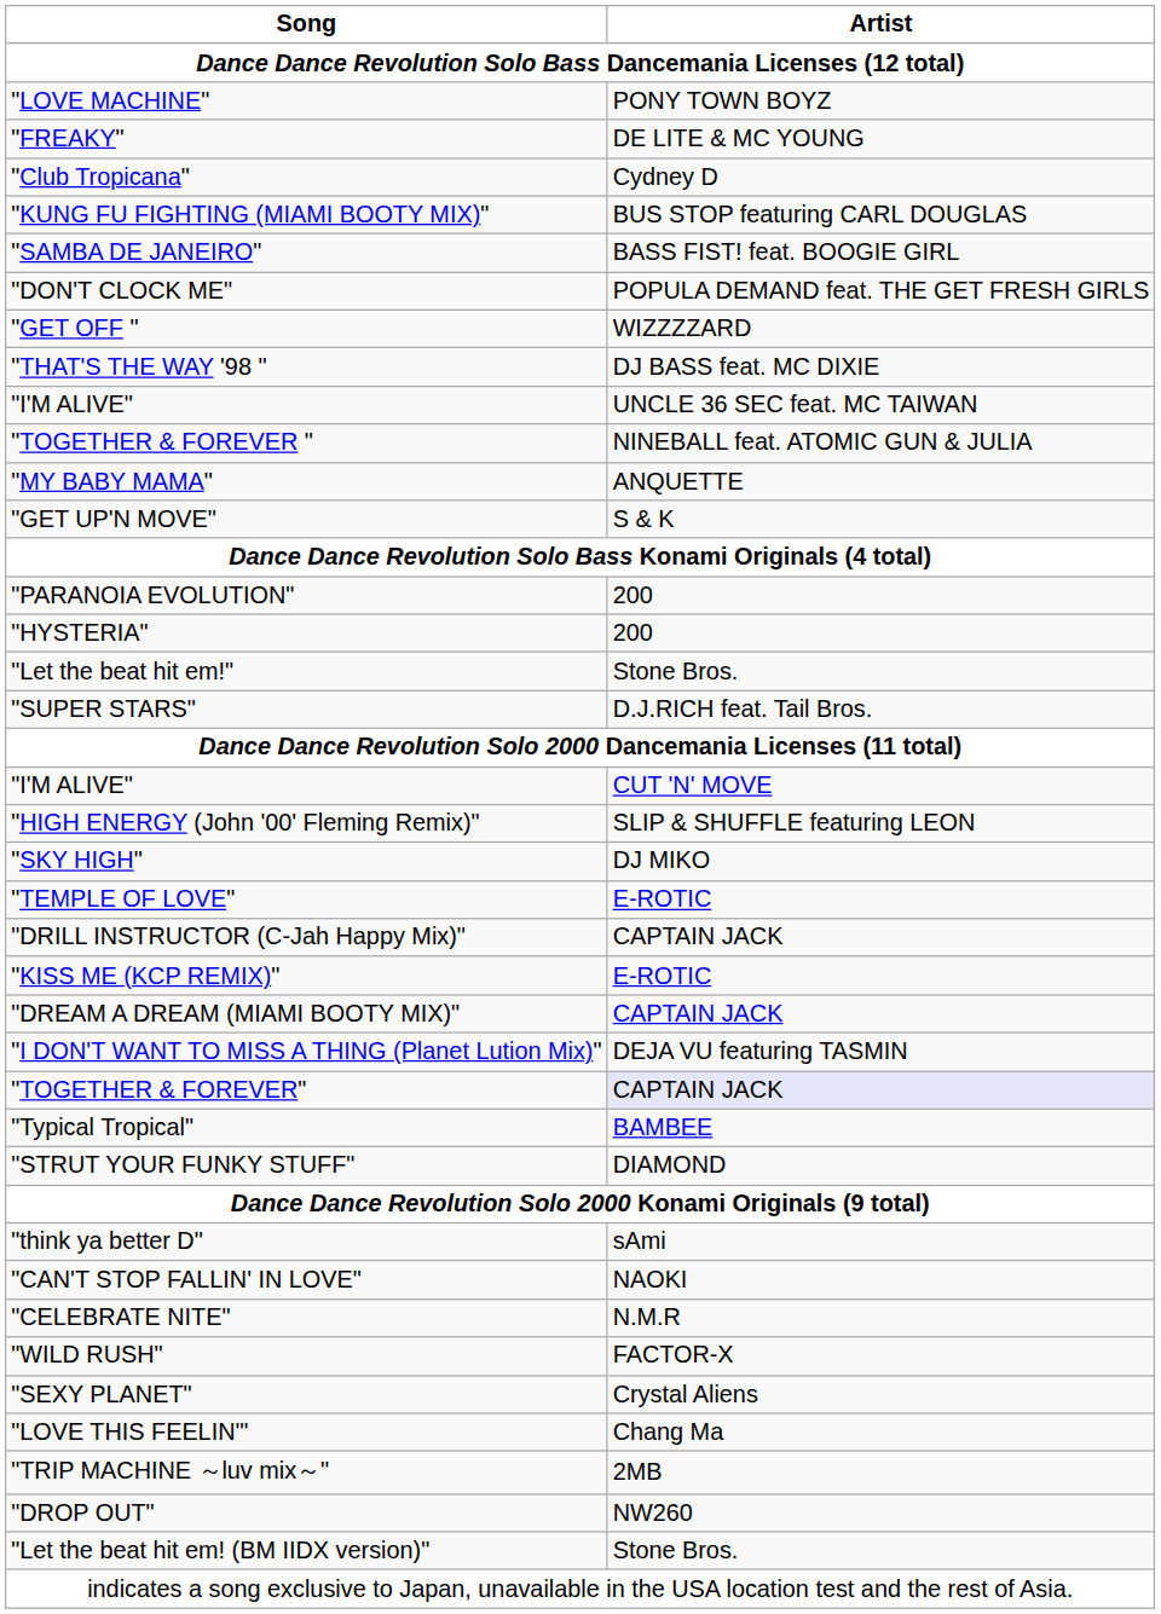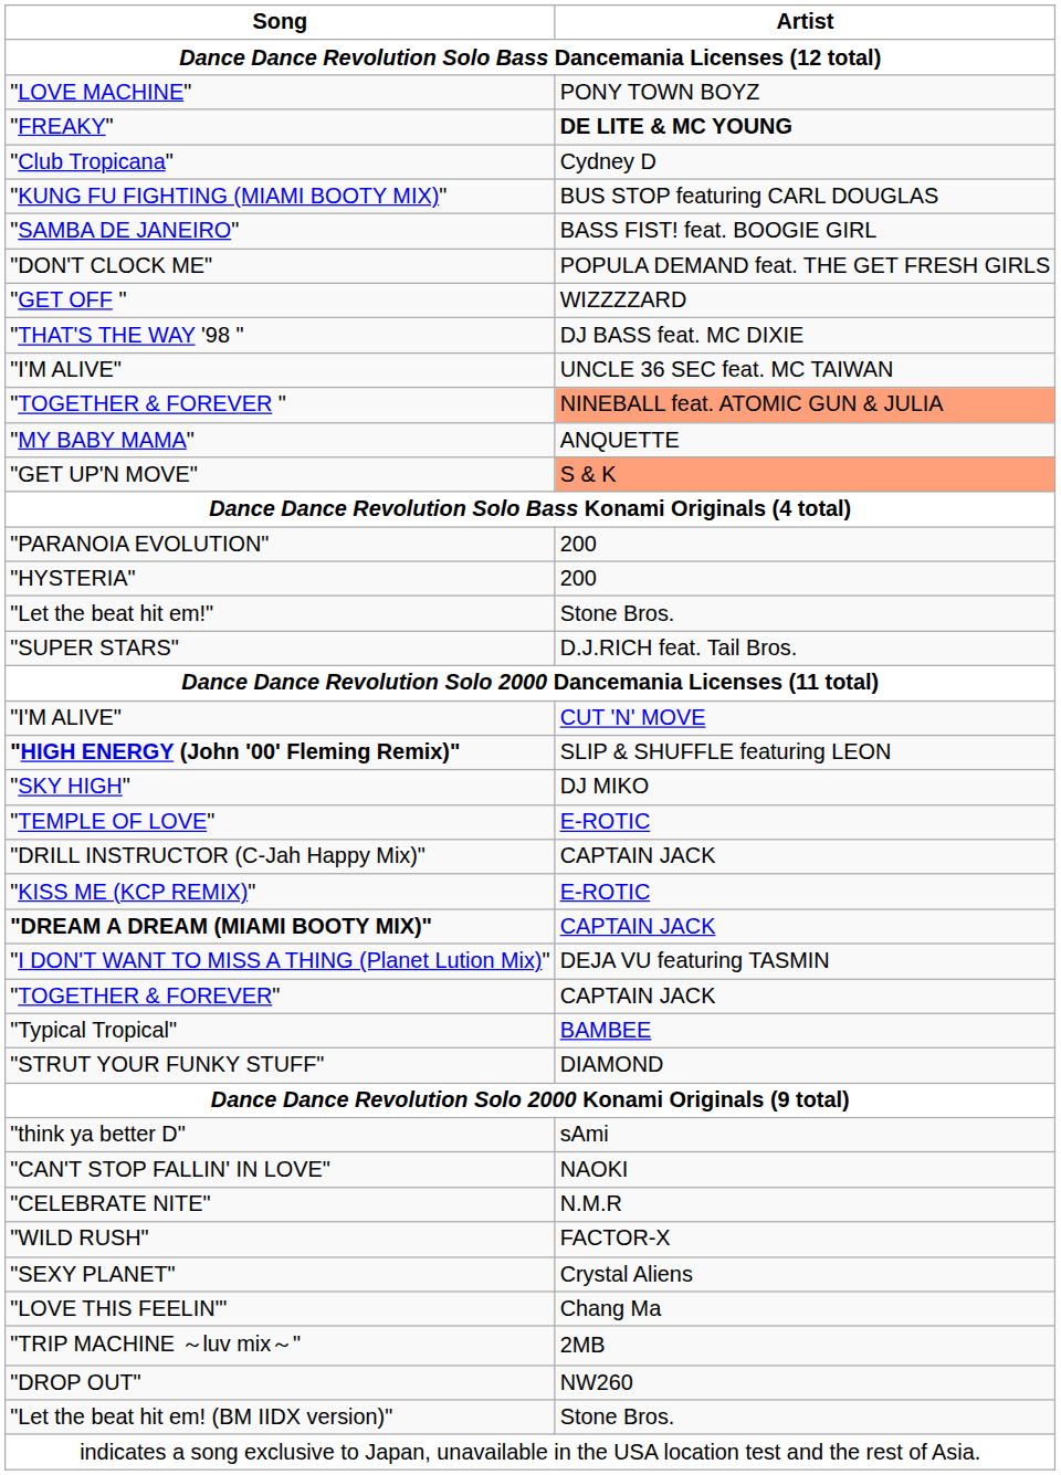 <table class="wikitable">
 <tr>
 <th style="background:#fff;">Song</th>
 <th style="background:#fff;">Artist</th>
 </tr>
 <tr>
 <th colspan="3" style="background:#ffffff;"><em>Dance Dance Revolution Solo Bass</em> Dancemania Licenses (12 total)</th>
 </tr>
 <tr>
 <td>"<a href='#'>LOVE MACHINE</a>"</td>
 <td>PONY TOWN BOYZ</td>
 </tr>
 <tr>
 <td>"<a href='#'>FREAKY</a>"</td>
-<td>DE LITE & MC YOUNG</td>
+<td><strong>DE LITE & MC YOUNG</strong></td>
 </tr>
 <tr>
 <td>"<a href='#'>Club Tropicana</a>"</td>
 <td>Cydney D</td>
 </tr>
 <tr>
 <td>"<a href='#'>KUNG FU FIGHTING (MIAMI BOOTY MIX)</a>"</td>
 <td>BUS STOP featuring CARL DOUGLAS</td>
 </tr>
 <tr>
 <td>"<a href='#'>SAMBA DE JANEIRO</a>"</td>
 <td>BASS FIST! feat. BOOGIE GIRL</td>
 </tr>
 <tr>
 <td>"DON'T CLOCK ME"</td>
 <td>POPULA DEMAND feat. THE GET FRESH GIRLS</td>
 </tr>
 <tr>
 <td>"<a href='#'>GET OFF</a> "</td>
 <td>WIZZZZARD</td>
 </tr>
 <tr>
 <td>"<a href='#'>THAT'S THE WAY</a> '98 "</td>
 <td>DJ BASS feat. MC DIXIE</td>
 </tr>
 <tr>
 <td>"I'M ALIVE"</td>
 <td>UNCLE 36 SEC feat. MC TAIWAN</td>
 </tr>
 <tr>
 <td>"<a href='#'>TOGETHER & FOREVER</a> "</td>
-<td>NINEBALL feat. ATOMIC GUN & JULIA</td>
+<td style="background: lightsalmon;">NINEBALL feat. ATOMIC GUN & JULIA</td>
 </tr>
 <tr>
 <td>"<a href='#'>MY BABY MAMA</a>"</td>
 <td>ANQUETTE</td>
 </tr>
 <tr>
 <td>"GET UP'N MOVE"</td>
-<td>S & K</td>
+<td style="background: lightsalmon;">S & K</td>
 </tr>
 <tr>
 <th colspan="3" style="background:#ffffff;"><em>Dance Dance Revolution Solo Bass</em> Konami Originals (4 total)</th>
 </tr>
 <tr>
 <td>"PARANOIA EVOLUTION"</td>
 <td>200</td>
 </tr>
 <tr>
 <td>"HYSTERIA"</td>
 <td>200</td>
 </tr>
 <tr>
 <td>"Let the beat hit em!"</td>
 <td>Stone Bros.</td>
 </tr>
 <tr>
 <td>"SUPER STARS"</td>
 <td>D.J.RICH feat. Tail Bros.</td>
 </tr>
 <tr>
 <th colspan="3" style="background:#ffffff;"><em>Dance Dance Revolution Solo 2000</em> Dancemania Licenses (11 total)</th>
 </tr>
 <tr>
 <td>"I'M ALIVE"</td>
 <td><a href='#'>CUT 'N' MOVE</a></td>
 </tr>
 <tr>
-<td>"<a href='#'>HIGH ENERGY</a> (John '00' Fleming Remix)"</td>
+<td><strong>"<a href='#'>HIGH ENERGY</a> (John '00' Fleming Remix)"</strong></td>
 <td>SLIP & SHUFFLE featuring LEON</td>
 </tr>
 <tr>
 <td>"<a href='#'>SKY HIGH</a>"</td>
 <td>DJ MIKO</td>
 </tr>
 <tr>
 <td>"<a href='#'>TEMPLE OF LOVE</a>"</td>
 <td><a href='#'>E-ROTIC</a></td>
 </tr>
 <tr>
 <td>"DRILL INSTRUCTOR (C-Jah Happy Mix)"</td>
 <td>CAPTAIN JACK</td>
 </tr>
 <tr>
 <td>"<a href='#'>KISS ME (KCP REMIX)</a>"</td>
 <td><a href='#'>E-ROTIC</a></td>
 </tr>
 <tr>
-<td>"DREAM A DREAM (MIAMI BOOTY MIX)"</td>
+<td><strong>"DREAM A DREAM (MIAMI BOOTY MIX)"</strong></td>
 <td><a href='#'>CAPTAIN JACK</a></td>
 </tr>
 <tr>
 <td>"<a href='#'>I DON'T WANT TO MISS A THING (Planet Lution Mix)</a>"</td>
 <td>DEJA VU featuring TASMIN</td>
 </tr>
 <tr>
 <td>"<a href='#'>TOGETHER & FOREVER</a>" </td>
-<td style="background: lavender;">CAPTAIN JACK</td>
+<td>CAPTAIN JACK</td>
 </tr>
 <tr>
 <td>"Typical Tropical"</td>
 <td><a href='#'>BAMBEE</a></td>
 </tr>
 <tr>
 <td>"STRUT YOUR FUNKY STUFF"</td>
 <td>DIAMOND</td>
 </tr>
 <tr>
 <th colspan="3" style="background:#ffffff;"><em>Dance Dance Revolution Solo 2000</em> Konami Originals (9 total)</th>
 </tr>
 <tr>
 <td>"think ya better D"</td>
 <td>sAmi</td>
 </tr>
 <tr>
 <td>"CAN'T STOP FALLIN' IN LOVE"</td>
 <td>NAOKI</td>
 </tr>
 <tr>
 <td>"CELEBRATE NITE"</td>
 <td>N.M.R</td>
 </tr>
 <tr>
 <td>"WILD RUSH"</td>
 <td>FACTOR-X</td>
 </tr>
 <tr>
 <td>"SEXY PLANET"</td>
 <td>Crystal Aliens</td>
 </tr>
 <tr>
 <td>"LOVE THIS FEELIN'"</td>
 <td>Chang Ma</td>
 </tr>
 <tr>
 <td>"TRIP MACHINE ～luv mix～"</td>
 <td>2MB</td>
 </tr>
 <tr>
 <td>"DROP OUT"</td>
 <td>NW260</td>
 </tr>
 <tr>
 <td>"Let the beat hit em! (BM IIDX version)"</td>
 <td>Stone Bros.</td>
 </tr>
 <tr>
 <td colspan="2" style="background:#ffffff; text-align: center;"> indicates a song exclusive to Japan, unavailable in the USA location test and the rest of Asia.</td>
 </tr>
 </table>
